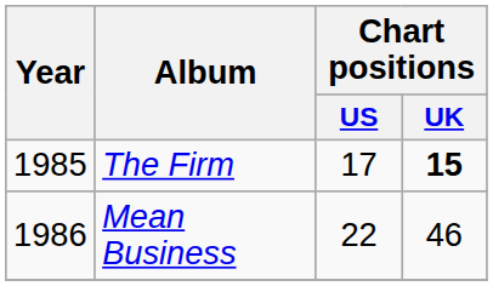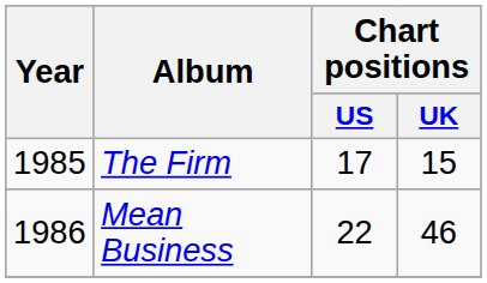 <table class="wikitable" style="text-align:center;" border="1">
 <tr>
 <th rowspan="2">Year</th>
 <th rowspan="2" width="100">Album</th>
 <th colspan="2">Chart positions</th>
 </tr>
 <tr style="font-size:smaller;">
 <th width="35"><a href='#'>US</a></th>
 <th width="35"><a href='#'>UK</a><br></th>
 </tr>
 <tr>
 <td>1985</td>
 <td align="left"><em><a href='#'>The Firm</a></em></td>
 <td>17</td>
-<td><strong>15</strong></td>
+<td>15</td>
 </tr>
 <tr>
 <td>1986</td>
 <td align="left"><em><a href='#'>Mean Business</a></em></td>
 <td>22</td>
 <td>46</td>
 </tr>
 <tr>
 </tr>
 </table>
